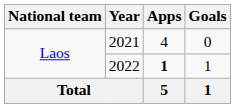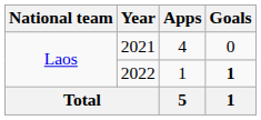 <table class=wikitable style=text-align:center>
 <tr>
 <th>National team</th>
 <th>Year</th>
 <th>Apps</th>
 <th>Goals</th>
 </tr>
 <tr>
 <td rowspan=2><a href='#'>Laos</a></td>
 <td>2021</td>
 <td>4</td>
 <td>0</td>
 </tr>
 <tr>
 <td>2022</td>
+<td>1</td>
 <td><strong>1</strong></td>
-<td>1</td>
 </tr>
 <tr>
 <th colspan=2>Total</th>
 <th>5</th>
 <th>1</th>
 </tr>
 </table>
